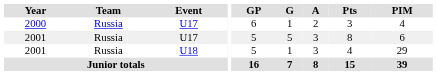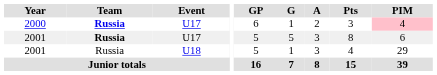 <table border="0" cellpadding="1" cellspacing="0" ID="Table3" style="text-align:center; width:40em">
 <tr ALIGN="center" bgcolor="#e0e0e0">
 <th>Year</th>
 <th>Team</th>
 <th>Event</th>
 <th rowspan="99" bgcolor="#ffffff"></th>
 <th>GP</th>
 <th>G</th>
 <th>A</th>
 <th>Pts</th>
 <th>PIM</th>
 </tr>
 <tr>
 <td><a href='#'>2000</a></td>
-<td><a href='#'>Russia</a></td>
+<td><strong><a href='#'>Russia</a></strong></td>
 <td><a href='#'>U17</a></td>
 <td>6</td>
 <td>1</td>
 <td>2</td>
 <td>3</td>
-<td>4</td>
+<td style="background: pink;">4</td>
 </tr>
 <tr bgcolor="#f0f0f0">
 <td>2001</td>
-<td>Russia</td>
+<td><strong>Russia</strong></td>
 <td>U17</td>
 <td>5</td>
 <td>5</td>
 <td>3</td>
 <td>8</td>
 <td>6</td>
 </tr>
 <tr>
 <td>2001</td>
 <td>Russia</td>
 <td><a href='#'>U18</a></td>
 <td>5</td>
 <td>1</td>
 <td>3</td>
 <td>4</td>
 <td>29</td>
 </tr>
 <tr bgcolor="#e0e0e0">
 <th colspan="3">Junior totals</th>
 <th>16</th>
 <th>7</th>
 <th>8</th>
 <th>15</th>
 <th>39</th>
 </tr>
 </table>
